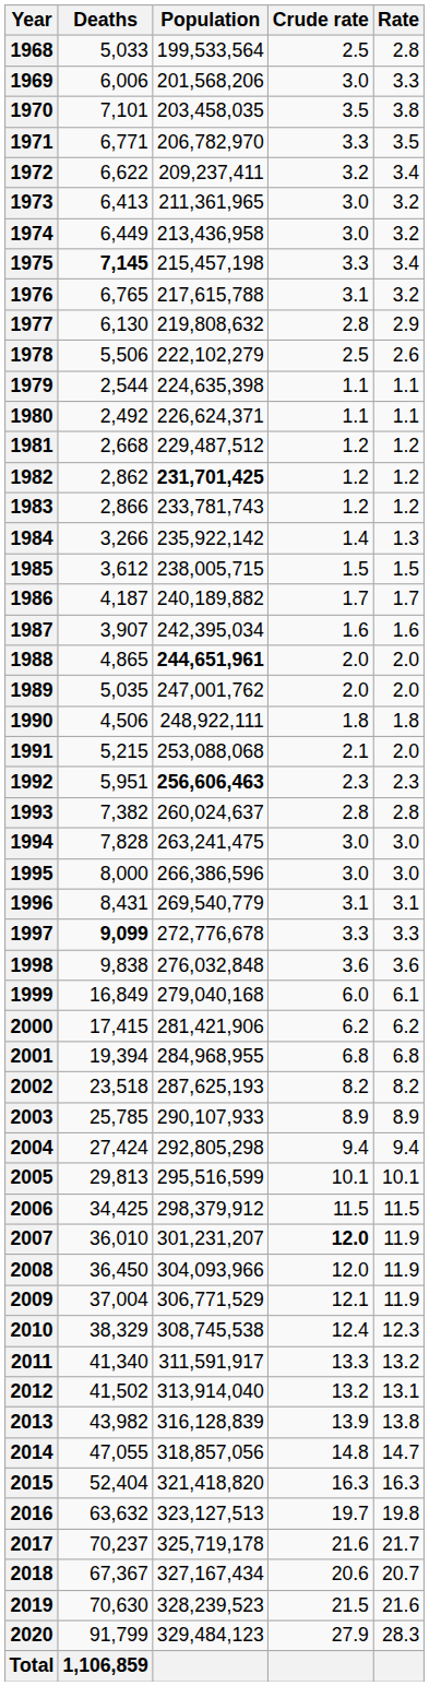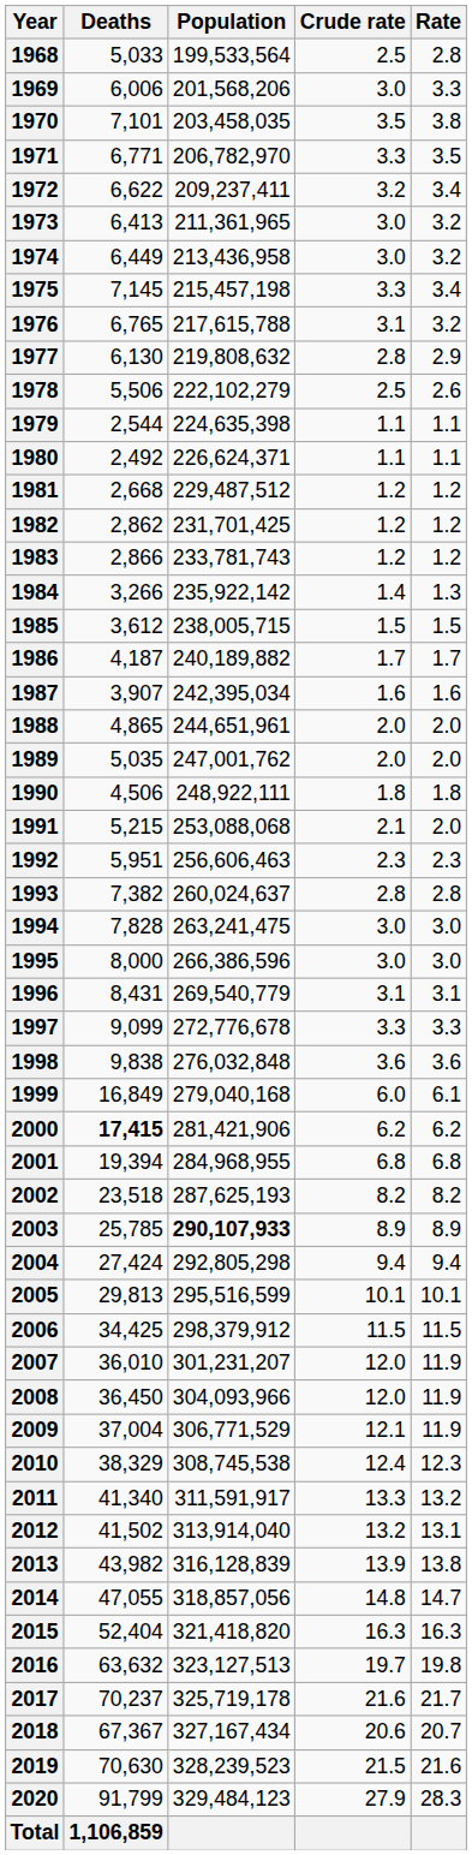 <table class="wikitable sortable mw-datatable static-row-numbers sort-under sticky-table-head sticky-table-col1" style=text-align:right;>
 <tr style=vertical-align:bottom>
 <th>Year</th>
 <th>Deaths</th>
 <th>Population</th>
 <th>Crude rate</th>
 <th>Rate</th>
 </tr>
 <tr>
 <th>1968</th>
 <td>5,033</td>
 <td>199,533,564</td>
 <td>2.5</td>
 <td>2.8</td>
 </tr>
 <tr>
 <th>1969</th>
 <td>6,006</td>
 <td>201,568,206</td>
 <td>3.0</td>
 <td>3.3</td>
 </tr>
 <tr>
 <th>1970</th>
 <td>7,101</td>
 <td>203,458,035</td>
 <td>3.5</td>
 <td>3.8</td>
 </tr>
 <tr>
 <th>1971</th>
 <td>6,771</td>
 <td>206,782,970</td>
 <td>3.3</td>
 <td>3.5</td>
 </tr>
 <tr>
 <th>1972</th>
 <td>6,622</td>
 <td>209,237,411</td>
 <td>3.2</td>
 <td>3.4</td>
 </tr>
 <tr>
 <th>1973</th>
 <td>6,413</td>
 <td>211,361,965</td>
 <td>3.0</td>
 <td>3.2</td>
 </tr>
 <tr>
 <th>1974</th>
 <td>6,449</td>
 <td>213,436,958</td>
 <td>3.0</td>
 <td>3.2</td>
 </tr>
 <tr>
 <th>1975</th>
-<td><strong>7,145</strong></td>
+<td>7,145</td>
 <td>215,457,198</td>
 <td>3.3</td>
 <td>3.4</td>
 </tr>
 <tr>
 <th>1976</th>
 <td>6,765</td>
 <td>217,615,788</td>
 <td>3.1</td>
 <td>3.2</td>
 </tr>
 <tr>
 <th>1977</th>
 <td>6,130</td>
 <td>219,808,632</td>
 <td>2.8</td>
 <td>2.9</td>
 </tr>
 <tr>
 <th>1978</th>
 <td>5,506</td>
 <td>222,102,279</td>
 <td>2.5</td>
 <td>2.6</td>
 </tr>
 <tr>
 <th>1979</th>
 <td>2,544</td>
 <td>224,635,398</td>
 <td>1.1</td>
 <td>1.1</td>
 </tr>
 <tr>
 <th>1980</th>
 <td>2,492</td>
 <td>226,624,371</td>
 <td>1.1</td>
 <td>1.1</td>
 </tr>
 <tr>
 <th>1981</th>
 <td>2,668</td>
 <td>229,487,512</td>
 <td>1.2</td>
 <td>1.2</td>
 </tr>
 <tr>
 <th>1982</th>
 <td>2,862</td>
-<td><strong>231,701,425</strong></td>
+<td>231,701,425</td>
 <td>1.2</td>
 <td>1.2</td>
 </tr>
 <tr>
 <th>1983</th>
 <td>2,866</td>
 <td>233,781,743</td>
 <td>1.2</td>
 <td>1.2</td>
 </tr>
 <tr>
 <th>1984</th>
 <td>3,266</td>
 <td>235,922,142</td>
 <td>1.4</td>
 <td>1.3</td>
 </tr>
 <tr>
 <th>1985</th>
 <td>3,612</td>
 <td>238,005,715</td>
 <td>1.5</td>
 <td>1.5</td>
 </tr>
 <tr>
 <th>1986</th>
 <td>4,187</td>
 <td>240,189,882</td>
 <td>1.7</td>
 <td>1.7</td>
 </tr>
 <tr>
 <th>1987</th>
 <td>3,907</td>
 <td>242,395,034</td>
 <td>1.6</td>
 <td>1.6</td>
 </tr>
 <tr>
 <th>1988</th>
 <td>4,865</td>
-<td><strong>244,651,961</strong></td>
+<td>244,651,961</td>
 <td>2.0</td>
 <td>2.0</td>
 </tr>
 <tr>
 <th>1989</th>
 <td>5,035</td>
 <td>247,001,762</td>
 <td>2.0</td>
 <td>2.0</td>
 </tr>
 <tr>
 <th>1990</th>
 <td>4,506</td>
 <td>248,922,111</td>
 <td>1.8</td>
 <td>1.8</td>
 </tr>
 <tr>
 <th>1991</th>
 <td>5,215</td>
 <td>253,088,068</td>
 <td>2.1</td>
 <td>2.0</td>
 </tr>
 <tr>
 <th>1992</th>
 <td>5,951</td>
-<td><strong>256,606,463</strong></td>
+<td>256,606,463</td>
 <td>2.3</td>
 <td>2.3</td>
 </tr>
 <tr>
 <th>1993</th>
 <td>7,382</td>
 <td>260,024,637</td>
 <td>2.8</td>
 <td>2.8</td>
 </tr>
 <tr>
 <th>1994</th>
 <td>7,828</td>
 <td>263,241,475</td>
 <td>3.0</td>
 <td>3.0</td>
 </tr>
 <tr>
 <th>1995</th>
 <td>8,000</td>
 <td>266,386,596</td>
 <td>3.0</td>
 <td>3.0</td>
 </tr>
 <tr>
 <th>1996</th>
 <td>8,431</td>
 <td>269,540,779</td>
 <td>3.1</td>
 <td>3.1</td>
 </tr>
 <tr>
 <th>1997</th>
-<td><strong>9,099</strong></td>
+<td>9,099</td>
 <td>272,776,678</td>
 <td>3.3</td>
 <td>3.3</td>
 </tr>
 <tr>
 <th>1998</th>
 <td>9,838</td>
 <td>276,032,848</td>
 <td>3.6</td>
 <td>3.6</td>
 </tr>
 <tr>
 <th>1999</th>
 <td>16,849</td>
 <td>279,040,168</td>
 <td>6.0</td>
 <td>6.1</td>
 </tr>
 <tr>
 <th>2000</th>
-<td>17,415</td>
+<td><strong>17,415</strong></td>
 <td>281,421,906</td>
 <td>6.2</td>
 <td>6.2</td>
 </tr>
 <tr>
 <th>2001</th>
 <td>19,394</td>
 <td>284,968,955</td>
 <td>6.8</td>
 <td>6.8</td>
 </tr>
 <tr>
 <th>2002</th>
 <td>23,518</td>
 <td>287,625,193</td>
 <td>8.2</td>
 <td>8.2</td>
 </tr>
 <tr>
 <th>2003</th>
 <td>25,785</td>
-<td>290,107,933</td>
+<td><strong>290,107,933</strong></td>
 <td>8.9</td>
 <td>8.9</td>
 </tr>
 <tr>
 <th>2004</th>
 <td>27,424</td>
 <td>292,805,298</td>
 <td>9.4</td>
 <td>9.4</td>
 </tr>
 <tr>
 <th>2005</th>
 <td>29,813</td>
 <td>295,516,599</td>
 <td>10.1</td>
 <td>10.1</td>
 </tr>
 <tr>
 <th>2006</th>
 <td>34,425</td>
 <td>298,379,912</td>
 <td>11.5</td>
 <td>11.5</td>
 </tr>
 <tr>
 <th>2007</th>
 <td>36,010</td>
 <td>301,231,207</td>
-<td><strong>12.0</strong></td>
+<td>12.0</td>
 <td>11.9</td>
 </tr>
 <tr>
 <th>2008</th>
 <td>36,450</td>
 <td>304,093,966</td>
 <td>12.0</td>
 <td>11.9</td>
 </tr>
 <tr>
 <th>2009</th>
 <td>37,004</td>
 <td>306,771,529</td>
 <td>12.1</td>
 <td>11.9</td>
 </tr>
 <tr>
 <th>2010</th>
 <td>38,329</td>
 <td>308,745,538</td>
 <td>12.4</td>
 <td>12.3</td>
 </tr>
 <tr>
 <th>2011</th>
 <td>41,340</td>
 <td>311,591,917</td>
 <td>13.3</td>
 <td>13.2</td>
 </tr>
 <tr>
 <th>2012</th>
 <td>41,502</td>
 <td>313,914,040</td>
 <td>13.2</td>
 <td>13.1</td>
 </tr>
 <tr>
 <th>2013</th>
 <td>43,982</td>
 <td>316,128,839</td>
 <td>13.9</td>
 <td>13.8</td>
 </tr>
 <tr>
 <th>2014</th>
 <td>47,055</td>
 <td>318,857,056</td>
 <td>14.8</td>
 <td>14.7</td>
 </tr>
 <tr>
 <th>2015</th>
 <td>52,404</td>
 <td>321,418,820</td>
 <td>16.3</td>
 <td>16.3</td>
 </tr>
 <tr>
 <th>2016</th>
 <td>63,632</td>
 <td>323,127,513</td>
 <td>19.7</td>
 <td>19.8</td>
 </tr>
 <tr>
 <th>2017</th>
 <td>70,237</td>
 <td>325,719,178</td>
 <td>21.6</td>
 <td>21.7</td>
 </tr>
 <tr>
 <th>2018</th>
 <td>67,367</td>
 <td>327,167,434</td>
 <td>20.6</td>
 <td>20.7</td>
 </tr>
 <tr>
 <th>2019</th>
 <td>70,630</td>
 <td>328,239,523</td>
 <td>21.5</td>
 <td>21.6</td>
 </tr>
 <tr>
 <th>2020</th>
 <td>91,799</td>
 <td>329,484,123</td>
 <td>27.9</td>
 <td>28.3</td>
 </tr>
 <tr class=sortbottom>
 <th>Total</th>
 <th style=text-align:right>1,106,859</th>
 <th></th>
 <th></th>
 <th></th>
 </tr>
 </table>
